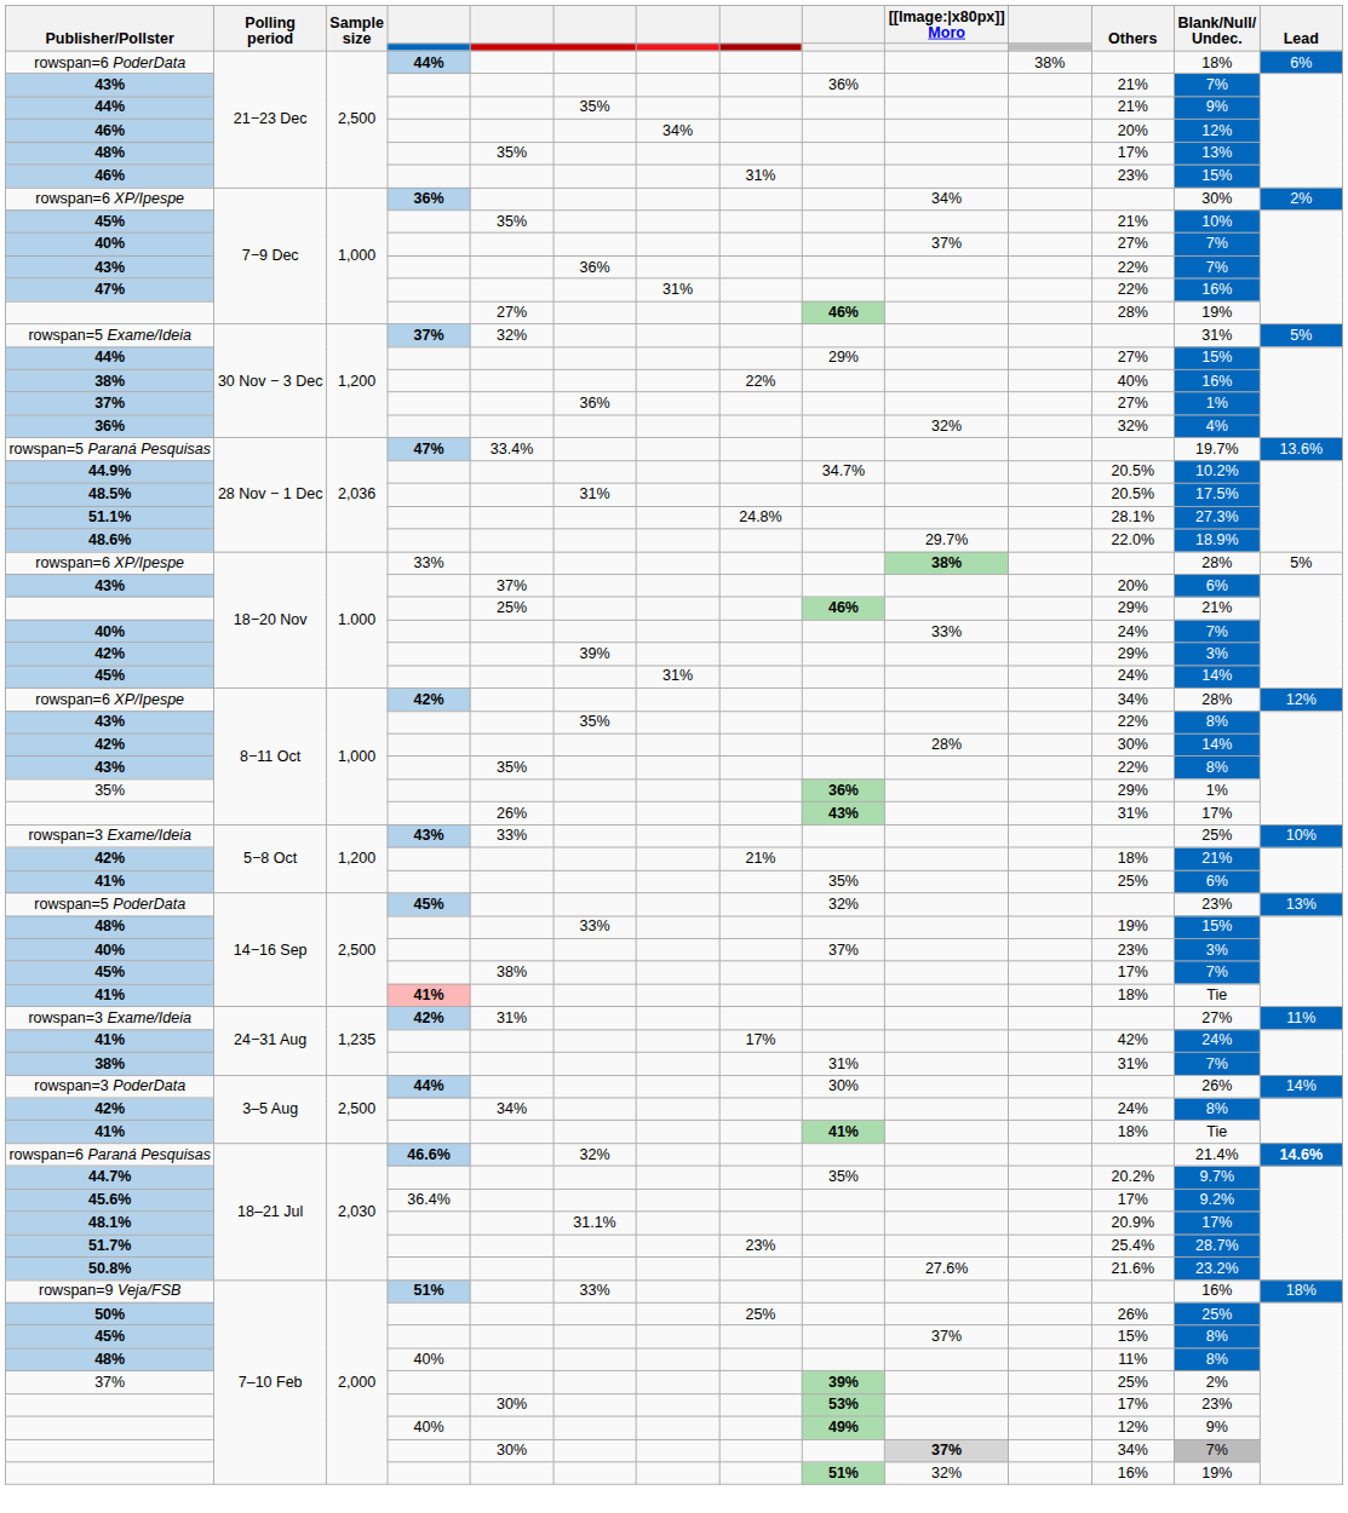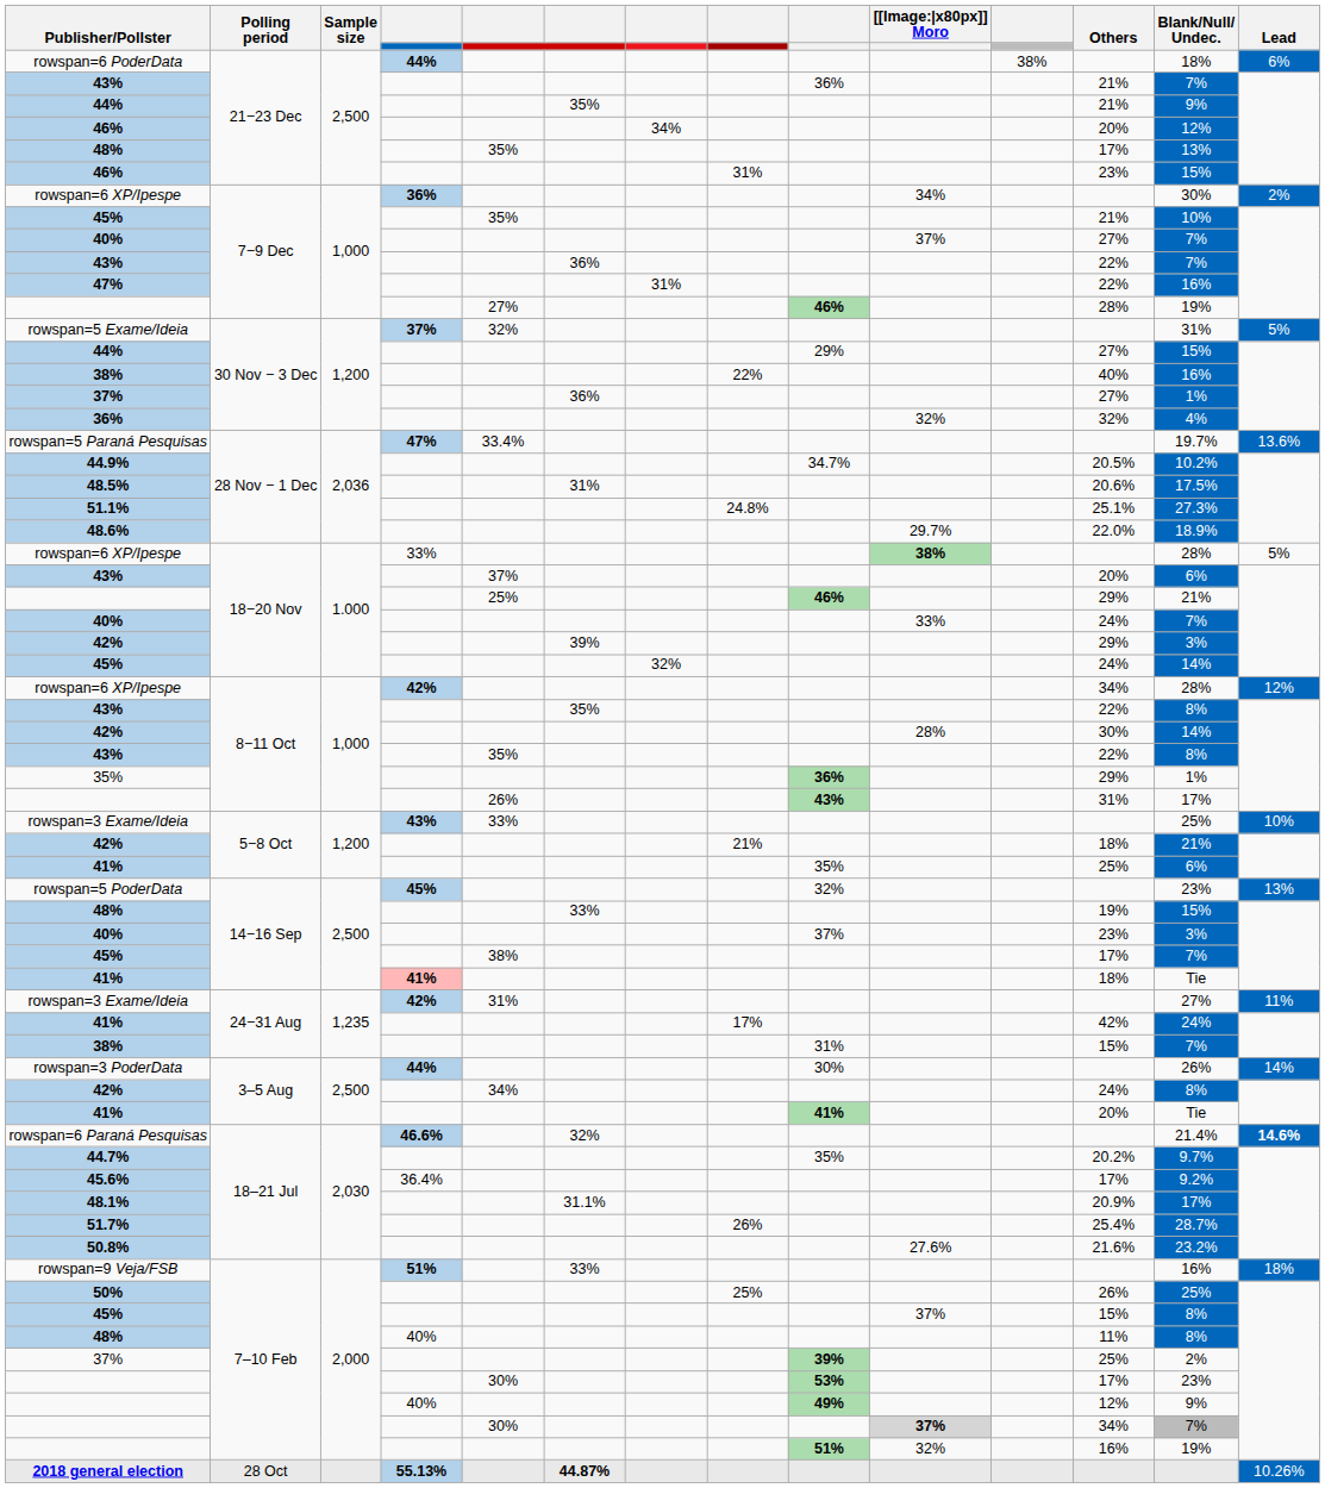 <table class="nowrap wikitable" style=text-align:center;font-size:85%;line-height:14px>
 <tr style=vertical-align:bottom>
 <th rowspan=2>Publisher/Pollster</th>
 <th rowspan=2>Polling<br>period</th>
 <th rowspan=2>Sample<br>size</th>
 <th style=width:5em><br></th>
 <th style=width:5em><br></th>
 <th style=width:5em><br></th>
 <th style=width:5em><br></th>
 <th style=width:5em><br></th>
 <th style=width:5em><br></th>
 <th style=width:5em>[[Image:|x80px]]<br><a href='#'>Moro</a><br></th>
 <th style=width:5em><br></th>
 <th style=width:5em rowspan=2>Others</th>
 <th style=width:5em rowspan=2>Blank/Null/<br>Undec.</th>
 <th style=width:5em rowspan=2>Lead</th>
 </tr>
 <tr>
 <th style=background:#0067bc></th>
 <th colspan=2 style=background:#cc0000></th>
 <th style=background:#ee161f></th>
 <th style=background:#a30000></th>
 <th style=background:></th>
 <th style=background:></th>
 <th style=background:#bbbbbb></th>
 </tr>
 <tr>
 <td>rowspan=6  <em>PoderData</em></td>
 <td rowspan=6>21−23 Dec</td>
 <td rowspan=6>2,500</td>
 <td style=background:#b2d1ea;font-weight:bold>44%</td>
 <td></td>
 <td></td>
 <td></td>
 <td></td>
 <td></td>
 <td></td>
 <td>38%</td>
 <td></td>
 <td>18%</td>
 <td style=background:#0067bc;color:white>6%</td>
 </tr>
 <tr>
 <td style=background:#b2d1ea;font-weight:bold>43%</td>
 <td></td>
 <td></td>
 <td></td>
 <td></td>
 <td></td>
 <td>36%</td>
 <td></td>
 <td></td>
 <td>21%</td>
 <td style=background:#0067bc;color:white>7%</td>
 </tr>
 <tr>
 <td style=background:#b2d1ea;font-weight:bold>44%</td>
 <td></td>
 <td></td>
 <td>35%</td>
 <td></td>
 <td></td>
 <td></td>
 <td></td>
 <td></td>
 <td>21%</td>
 <td style=background:#0067bc;color:white>9%</td>
 </tr>
 <tr>
 <td style=background:#b2d1ea;font-weight:bold>46%</td>
 <td></td>
 <td></td>
 <td></td>
 <td>34%</td>
 <td></td>
 <td></td>
 <td></td>
 <td></td>
 <td>20%</td>
 <td style=background:#0067bc;color:white>12%</td>
 </tr>
 <tr>
 <td style=background:#b2d1ea;font-weight:bold>48%</td>
 <td></td>
 <td>35%</td>
 <td></td>
 <td></td>
 <td></td>
 <td></td>
 <td></td>
 <td></td>
 <td>17%</td>
 <td style=background:#0067bc;color:white>13%</td>
 </tr>
 <tr>
 <td style=background:#b2d1ea;font-weight:bold>46%</td>
 <td></td>
 <td></td>
 <td></td>
 <td></td>
 <td>31%</td>
 <td></td>
 <td></td>
 <td></td>
 <td>23%</td>
 <td style=background:#0067bc;color:white>15%</td>
 </tr>
 <tr>
 <td>rowspan=6  <em>XP/Ipespe</em></td>
 <td rowspan=6>7−9 Dec</td>
 <td rowspan=6>1,000</td>
 <td style=background:#b2d1ea;font-weight:bold>36%</td>
 <td></td>
 <td></td>
 <td></td>
 <td></td>
 <td></td>
 <td>34%</td>
 <td></td>
 <td></td>
 <td>30%</td>
 <td style=background:#0067bc;color:white>2%</td>
 </tr>
 <tr>
 <td style=background:#b2d1ea;font-weight:bold>45%</td>
 <td></td>
 <td>35%</td>
 <td></td>
 <td></td>
 <td></td>
 <td></td>
 <td></td>
 <td></td>
 <td>21%</td>
 <td style=background:#0067bc;color:white>10%</td>
 </tr>
 <tr>
 <td style=background:#b2d1ea;font-weight:bold>40%</td>
 <td></td>
 <td></td>
 <td></td>
 <td></td>
 <td></td>
 <td></td>
 <td>37%</td>
 <td></td>
 <td>27%</td>
 <td style=background:#0067bc;color:white>7%</td>
 </tr>
 <tr>
 <td style=background:#b2d1ea;font-weight:bold>43%</td>
 <td></td>
 <td></td>
 <td>36%</td>
 <td></td>
 <td></td>
 <td></td>
 <td></td>
 <td></td>
 <td>22%</td>
 <td style=background:#0067bc;color:white>7%</td>
 </tr>
 <tr>
 <td style=background:#b2d1ea;font-weight:bold>47%</td>
 <td></td>
 <td></td>
 <td></td>
 <td>31%</td>
 <td></td>
 <td></td>
 <td></td>
 <td></td>
 <td>22%</td>
 <td style=background:#0067bc;color:white>16%</td>
 </tr>
 <tr>
 <td></td>
 <td></td>
 <td>27%</td>
 <td></td>
 <td></td>
 <td></td>
 <td style=background:#ABDCAD;font-weight:bold>46%</td>
 <td></td>
 <td></td>
 <td>28%</td>
 <td style=background:>19%</td>
 </tr>
 <tr>
 <td>rowspan=5  <em>Exame/Ideia</em></td>
 <td rowspan=5>30 Nov − 3 Dec</td>
 <td rowspan=5>1,200</td>
 <td style=background:#b2d1ea;font-weight:bold>37%</td>
 <td>32%</td>
 <td></td>
 <td></td>
 <td></td>
 <td></td>
 <td></td>
 <td></td>
 <td></td>
 <td>31%</td>
 <td style=background:#0067bc;color:white>5%</td>
 </tr>
 <tr>
 <td style=background:#b2d1ea;font-weight:bold>44%</td>
 <td></td>
 <td></td>
 <td></td>
 <td></td>
 <td></td>
 <td>29%</td>
 <td></td>
 <td></td>
 <td>27%</td>
 <td style=background:#0067bc;color:white>15%</td>
 </tr>
 <tr>
 <td style=background:#b2d1ea;font-weight:bold>38%</td>
 <td></td>
 <td></td>
 <td></td>
 <td></td>
 <td>22%</td>
 <td></td>
 <td></td>
 <td></td>
 <td>40%</td>
 <td style=background:#0067bc;color:white>16%</td>
 </tr>
 <tr>
 <td style=background:#b2d1ea;font-weight:bold>37%</td>
 <td></td>
 <td></td>
 <td>36%</td>
 <td></td>
 <td></td>
 <td></td>
 <td></td>
 <td></td>
 <td>27%</td>
 <td style=background:#0067bc;color:white>1%</td>
 </tr>
 <tr>
 <td style=background:#b2d1ea;font-weight:bold>36%</td>
 <td></td>
 <td></td>
 <td></td>
 <td></td>
 <td></td>
 <td></td>
 <td>32%</td>
 <td></td>
 <td>32%</td>
 <td style=background:#0067bc;color:white>4%</td>
 </tr>
 <tr>
 <td>rowspan=5  <em>Paraná Pesquisas</em></td>
 <td rowspan=5>28 Nov − 1 Dec</td>
 <td rowspan=5>2,036</td>
 <td style=background:#b2d1ea;font-weight:bold>47%</td>
 <td>33.4%</td>
 <td></td>
 <td></td>
 <td></td>
 <td></td>
 <td></td>
 <td></td>
 <td></td>
 <td>19.7%</td>
 <td style=background:#0067bc;color:white>13.6%</td>
 </tr>
 <tr>
 <td style=background:#b2d1ea;font-weight:bold>44.9%</td>
 <td></td>
 <td></td>
 <td></td>
 <td></td>
 <td></td>
 <td>34.7%</td>
 <td></td>
 <td></td>
 <td>20.5%</td>
 <td style=background:#0067bc;color:white>10.2%</td>
 </tr>
 <tr>
 <td style=background:#b2d1ea;font-weight:bold>48.5%</td>
 <td></td>
 <td></td>
 <td>31%</td>
 <td></td>
 <td></td>
 <td></td>
 <td></td>
 <td></td>
-<td>20.5%</td>
+<td>20.6%</td>
 <td style=background:#0067bc;color:white>17.5%</td>
 </tr>
 <tr>
 <td style=background:#b2d1ea;font-weight:bold>51.1%</td>
 <td></td>
 <td></td>
 <td></td>
 <td></td>
 <td>24.8%</td>
 <td></td>
 <td></td>
 <td></td>
-<td>28.1%</td>
+<td>25.1%</td>
 <td style=background:#0067bc;color:white>27.3%</td>
 </tr>
 <tr>
 <td style=background:#b2d1ea;font-weight:bold>48.6%</td>
 <td></td>
 <td></td>
 <td></td>
 <td></td>
 <td></td>
 <td></td>
 <td>29.7%</td>
 <td></td>
 <td>22.0%</td>
 <td style=background:#0067bc;color:white>18.9%</td>
 </tr>
 <tr>
 <td>rowspan=6  <em>XP/Ipespe</em></td>
 <td rowspan=6>18−20 Nov</td>
 <td rowspan=6>1.000</td>
 <td>33%</td>
 <td></td>
 <td></td>
 <td></td>
 <td></td>
 <td></td>
 <td style=background:#ABDCAD;font-weight:bold>38%</td>
 <td></td>
 <td></td>
 <td>28%</td>
 <td style=background:>5%</td>
 </tr>
 <tr>
 <td style=background:#b2d1ea;font-weight:bold>43%</td>
 <td></td>
 <td>37%</td>
 <td></td>
 <td></td>
 <td></td>
 <td></td>
 <td></td>
 <td></td>
 <td>20%</td>
 <td style=background:#0067bc;color:white>6%</td>
 </tr>
 <tr>
 <td></td>
 <td></td>
 <td>25%</td>
 <td></td>
 <td></td>
 <td></td>
 <td style=background:#ABDCAD;font-weight:bold>46%</td>
 <td></td>
 <td></td>
 <td>29%</td>
 <td style=background:>21%</td>
 </tr>
 <tr>
 <td style=background:#b2d1ea;font-weight:bold>40%</td>
 <td></td>
 <td></td>
 <td></td>
 <td></td>
 <td></td>
 <td></td>
 <td>33%</td>
 <td></td>
 <td>24%</td>
 <td style=background:#0067bc;color:white>7%</td>
 </tr>
 <tr>
 <td style=background:#b2d1ea;font-weight:bold>42%</td>
 <td></td>
 <td></td>
 <td>39%</td>
 <td></td>
 <td></td>
 <td></td>
 <td></td>
 <td></td>
 <td>29%</td>
 <td style=background:#0067bc;color:white>3%</td>
 </tr>
 <tr>
 <td style=background:#b2d1ea;font-weight:bold>45%</td>
 <td></td>
 <td></td>
 <td></td>
-<td>31%</td>
+<td>32%</td>
 <td></td>
 <td></td>
 <td></td>
 <td></td>
 <td>24%</td>
 <td style=background:#0067bc;color:white>14%</td>
 </tr>
 <tr>
 <td>rowspan=6  <em>XP/Ipespe</em></td>
 <td rowspan=6>8−11 Oct</td>
 <td rowspan=6>1,000</td>
 <td style=background:#b2d1ea;font-weight:bold>42%</td>
 <td></td>
 <td></td>
 <td></td>
 <td></td>
 <td></td>
 <td></td>
 <td></td>
 <td>34%</td>
 <td>28%</td>
 <td style=background:#0067bc;color:white>12%</td>
 </tr>
 <tr>
 <td style=background:#b2d1ea;font-weight:bold>43%</td>
 <td></td>
 <td></td>
 <td>35%</td>
 <td></td>
 <td></td>
 <td></td>
 <td></td>
 <td></td>
 <td>22%</td>
 <td style=background:#0067bc;color:white>8%</td>
 </tr>
 <tr>
 <td style=background:#b2d1ea;font-weight:bold>42%</td>
 <td></td>
 <td></td>
 <td></td>
 <td></td>
 <td></td>
 <td></td>
 <td>28%</td>
 <td></td>
 <td>30%</td>
 <td style=background:#0067bc;color:white>14%</td>
 </tr>
 <tr>
 <td style=background:#b2d1ea;font-weight:bold>43%</td>
 <td></td>
 <td>35%</td>
 <td></td>
 <td></td>
 <td></td>
 <td></td>
 <td></td>
 <td></td>
 <td>22%</td>
 <td style=background:#0067bc;color:white>8%</td>
 </tr>
 <tr>
 <td>35%</td>
 <td></td>
 <td></td>
 <td></td>
 <td></td>
 <td></td>
 <td style=background:#ABDCAD;font-weight:bold>36%</td>
 <td></td>
 <td></td>
 <td>29%</td>
 <td style=background:>1%</td>
 </tr>
 <tr>
 <td></td>
 <td></td>
 <td>26%</td>
 <td></td>
 <td></td>
 <td></td>
 <td style=background:#ABDCAD;font-weight:bold>43%</td>
 <td></td>
 <td></td>
 <td>31%</td>
 <td style=background:>17%</td>
 </tr>
 <tr>
 <td>rowspan=3  <em>Exame/Ideia</em></td>
 <td rowspan=3>5−8 Oct</td>
 <td rowspan=3>1,200</td>
 <td style=background:#b2d1ea;font-weight:bold>43%</td>
 <td>33%</td>
 <td></td>
 <td></td>
 <td></td>
 <td></td>
 <td></td>
 <td></td>
 <td></td>
 <td>25%</td>
 <td style=background:#0067bc;color:white>10%</td>
 </tr>
 <tr>
 <td style=background:#b2d1ea;font-weight:bold>42%</td>
 <td></td>
 <td></td>
 <td></td>
 <td></td>
 <td>21%</td>
 <td></td>
 <td></td>
 <td></td>
 <td>18%</td>
 <td style=background:#0067bc;color:white>21%</td>
 </tr>
 <tr>
 <td style=background:#b2d1ea;font-weight:bold>41%</td>
 <td></td>
 <td></td>
 <td></td>
 <td></td>
 <td></td>
 <td>35%</td>
 <td></td>
 <td></td>
 <td>25%</td>
 <td style=background:#0067bc;color:white>6%</td>
 </tr>
 <tr>
 <td>rowspan=5  <em>PoderData</em></td>
 <td rowspan=5>14−16 Sep</td>
 <td rowspan=5>2,500</td>
 <td style=background:#b2d1ea;font-weight:bold>45%</td>
 <td></td>
 <td></td>
 <td></td>
 <td></td>
 <td>32%</td>
 <td></td>
 <td></td>
 <td></td>
 <td>23%</td>
 <td style=background:#0067bc;color:white>13%</td>
 </tr>
 <tr>
 <td style=background:#b2d1ea;font-weight:bold>48%</td>
 <td></td>
 <td></td>
 <td>33%</td>
 <td></td>
 <td></td>
 <td></td>
 <td></td>
 <td></td>
 <td>19%</td>
 <td style=background:#0067bc;color:white>15%</td>
 </tr>
 <tr>
 <td style=background:#b2d1ea;font-weight:bold>40%</td>
 <td></td>
 <td></td>
 <td></td>
 <td></td>
 <td></td>
 <td>37%</td>
 <td></td>
 <td></td>
 <td>23%</td>
 <td style=background:#0067bc;color:white>3%</td>
 </tr>
 <tr>
 <td style=background:#b2d1ea;font-weight:bold>45%</td>
 <td></td>
 <td>38%</td>
 <td></td>
 <td></td>
 <td></td>
 <td></td>
 <td></td>
 <td></td>
 <td>17%</td>
 <td style=background:#0067bc;color:white>7%</td>
 </tr>
 <tr>
 <td style=background:#b2d1ea;font-weight:bold>41%</td>
 <td style=background:#ffb7b7;font-weight:bold>41%</td>
 <td></td>
 <td></td>
 <td></td>
 <td></td>
 <td></td>
 <td></td>
 <td></td>
 <td>18%</td>
 <td>Tie</td>
 </tr>
 <tr>
 <td>rowspan=3  <em>Exame/Ideia</em></td>
 <td rowspan=3>24−31 Aug</td>
 <td rowspan=3>1,235</td>
 <td style=background:#b2d1ea;font-weight:bold>42%</td>
 <td>31%</td>
 <td></td>
 <td></td>
 <td></td>
 <td></td>
 <td></td>
 <td></td>
 <td></td>
 <td>27%</td>
 <td style=background:#0067bc;color:white>11%</td>
 </tr>
 <tr>
 <td style=background:#b2d1ea;font-weight:bold>41%</td>
 <td></td>
 <td></td>
 <td></td>
 <td></td>
 <td>17%</td>
 <td></td>
 <td></td>
 <td></td>
 <td>42%</td>
 <td style=background:#0067bc;color:white>24%</td>
 </tr>
 <tr>
 <td style=background:#b2d1ea;font-weight:bold>38%</td>
 <td></td>
 <td></td>
 <td></td>
 <td></td>
 <td></td>
 <td>31%</td>
 <td></td>
 <td></td>
-<td>31%</td>
+<td>15%</td>
 <td style=background:#0067bc;color:white>7%</td>
 </tr>
 <tr>
 <td>rowspan=3  <em>PoderData</em></td>
 <td rowspan=3>3–5 Aug</td>
 <td rowspan=3>2,500</td>
 <td style=background:#b2d1ea;font-weight:bold>44%</td>
 <td></td>
 <td></td>
 <td></td>
 <td></td>
 <td>30%</td>
 <td></td>
 <td></td>
 <td></td>
 <td>26%</td>
 <td style=background:#0067bc;color:white>14%</td>
 </tr>
 <tr>
 <td style=background:#b2d1ea;font-weight:bold>42%</td>
 <td></td>
 <td>34%</td>
 <td></td>
 <td></td>
 <td></td>
 <td></td>
 <td></td>
 <td></td>
 <td>24%</td>
 <td style=background:#0067bc;color:white>8%</td>
 </tr>
 <tr>
 <td style=background:#b2d1ea;font-weight:bold>41%</td>
 <td></td>
 <td></td>
 <td></td>
 <td></td>
 <td></td>
 <td style=background:#ABDCAD;font-weight:bold>41%</td>
 <td></td>
 <td></td>
-<td>18%</td>
+<td>20%</td>
 <td>Tie</td>
 </tr>
 <tr>
 <td>rowspan=6  <em>Paraná Pesquisas</em></td>
 <td rowspan=6>18–21 Jul</td>
 <td rowspan=6>2,030</td>
 <td style=background:#b2d1ea;font-weight:bold>46.6%</td>
 <td></td>
 <td>32%</td>
 <td></td>
 <td></td>
 <td></td>
 <td></td>
 <td></td>
 <td></td>
 <td>21.4%</td>
 <td style=background:#0067bc;color:white><strong>14.6%</strong></td>
 </tr>
 <tr>
 <td style=background:#b2d1ea;font-weight:bold>44.7%</td>
 <td></td>
 <td></td>
 <td></td>
 <td></td>
 <td></td>
 <td>35%</td>
 <td></td>
 <td></td>
 <td>20.2%</td>
 <td style=background:#0067bc;color:white>9.7%</td>
 </tr>
 <tr>
 <td style=background:#b2d1ea;font-weight:bold>45.6%</td>
 <td>36.4%</td>
 <td></td>
 <td></td>
 <td></td>
 <td></td>
 <td></td>
 <td></td>
 <td></td>
 <td>17%</td>
 <td style=background:#0067bc;color:white>9.2%</td>
 </tr>
 <tr>
 <td style=background:#b2d1ea;font-weight:bold>48.1%</td>
 <td></td>
 <td></td>
 <td>31.1%</td>
 <td></td>
 <td></td>
 <td></td>
 <td></td>
 <td></td>
 <td>20.9%</td>
 <td style=background:#0067bc;color:white>17%</td>
 </tr>
 <tr>
 <td style=background:#b2d1ea;font-weight:bold>51.7%</td>
 <td></td>
 <td></td>
 <td></td>
 <td></td>
-<td>23%</td>
+<td>26%</td>
 <td></td>
 <td></td>
 <td></td>
 <td>25.4%</td>
 <td style=background:#0067bc;color:white>28.7%</td>
 </tr>
 <tr>
 <td style=background:#b2d1ea;font-weight:bold>50.8%</td>
 <td></td>
 <td></td>
 <td></td>
 <td></td>
 <td></td>
 <td></td>
 <td>27.6%</td>
 <td></td>
 <td>21.6%</td>
 <td style=background:#0067bc;color:white>23.2%</td>
 </tr>
 <tr>
 <td>rowspan=9  <em>Veja/FSB</em></td>
 <td rowspan=9>7–10 Feb</td>
 <td rowspan=9>2,000</td>
 <td style=background:#b2d1ea;font-weight:bold>51%</td>
 <td></td>
 <td>33%</td>
 <td></td>
 <td></td>
 <td></td>
 <td></td>
 <td></td>
 <td></td>
 <td>16%</td>
 <td style=background:#0067bc;color:white>18%</td>
 </tr>
 <tr>
 <td style=background:#b2d1ea;font-weight:bold>50%</td>
 <td></td>
 <td></td>
 <td></td>
 <td></td>
 <td>25%</td>
 <td></td>
 <td></td>
 <td></td>
 <td>26%</td>
 <td style=background:#0067bc;color:white>25%</td>
 </tr>
 <tr>
 <td style=background:#b2d1ea;font-weight:bold>45%</td>
 <td></td>
 <td></td>
 <td></td>
 <td></td>
 <td></td>
 <td></td>
 <td>37%</td>
 <td></td>
 <td>15%</td>
 <td style=background:#0067bc;color:white>8%</td>
 </tr>
 <tr>
 <td style=background:#b2d1ea;font-weight:bold>48%</td>
 <td>40%</td>
 <td></td>
 <td></td>
 <td></td>
 <td></td>
 <td></td>
 <td></td>
 <td></td>
 <td>11%</td>
 <td style=background:#0067bc;color:white>8%</td>
 </tr>
 <tr>
 <td>37%</td>
 <td></td>
 <td></td>
 <td></td>
 <td></td>
 <td></td>
 <td style=background:#ABDCAD;font-weight:bold>39%</td>
 <td></td>
 <td></td>
 <td>25%</td>
 <td style=background:>2%</td>
 </tr>
 <tr>
 <td></td>
 <td></td>
 <td>30%</td>
 <td></td>
 <td></td>
 <td></td>
 <td style=background:#ABDCAD;font-weight:bold>53%</td>
 <td></td>
 <td></td>
 <td>17%</td>
 <td style=background:>23%</td>
 </tr>
 <tr>
 <td></td>
 <td>40%</td>
 <td></td>
 <td></td>
 <td></td>
 <td></td>
 <td style=background:#ABDCAD;font-weight:bold>49%</td>
 <td></td>
 <td></td>
 <td>12%</td>
 <td style=background:>9%</td>
 </tr>
 <tr>
 <td></td>
 <td></td>
 <td>30%</td>
 <td></td>
 <td></td>
 <td></td>
 <td></td>
 <td style=background:#d5d5d5;font-weight:bold>37%</td>
 <td></td>
 <td>34%</td>
 <td style=background:#bbbbbb>7%</td>
 </tr>
 <tr>
 <td></td>
 <td></td>
 <td></td>
 <td></td>
 <td></td>
 <td></td>
 <td style=background:#ABDCAD;font-weight:bold>51%</td>
 <td>32%</td>
 <td></td>
 <td>16%</td>
 <td style=background:>19%</td>
 </tr>
+<tr style=background:#E9E9E9>
+<td><strong><a href='#'>2018 general election</a></strong></td>
+<td>28 Oct</td>
+<td></td>
+<td style=background:#b2d1ea;font-weight:bold>55.13%</td>
+<td></td>
+<td><strong>44.87%</strong></td>
+<td></td>
+<td></td>
+<td></td>
+<td></td>
+<td></td>
+<td></td>
+<td></td>
+<td style=background:#0067bc;color:white>10.26%</td>
+</tr>
 </table>
